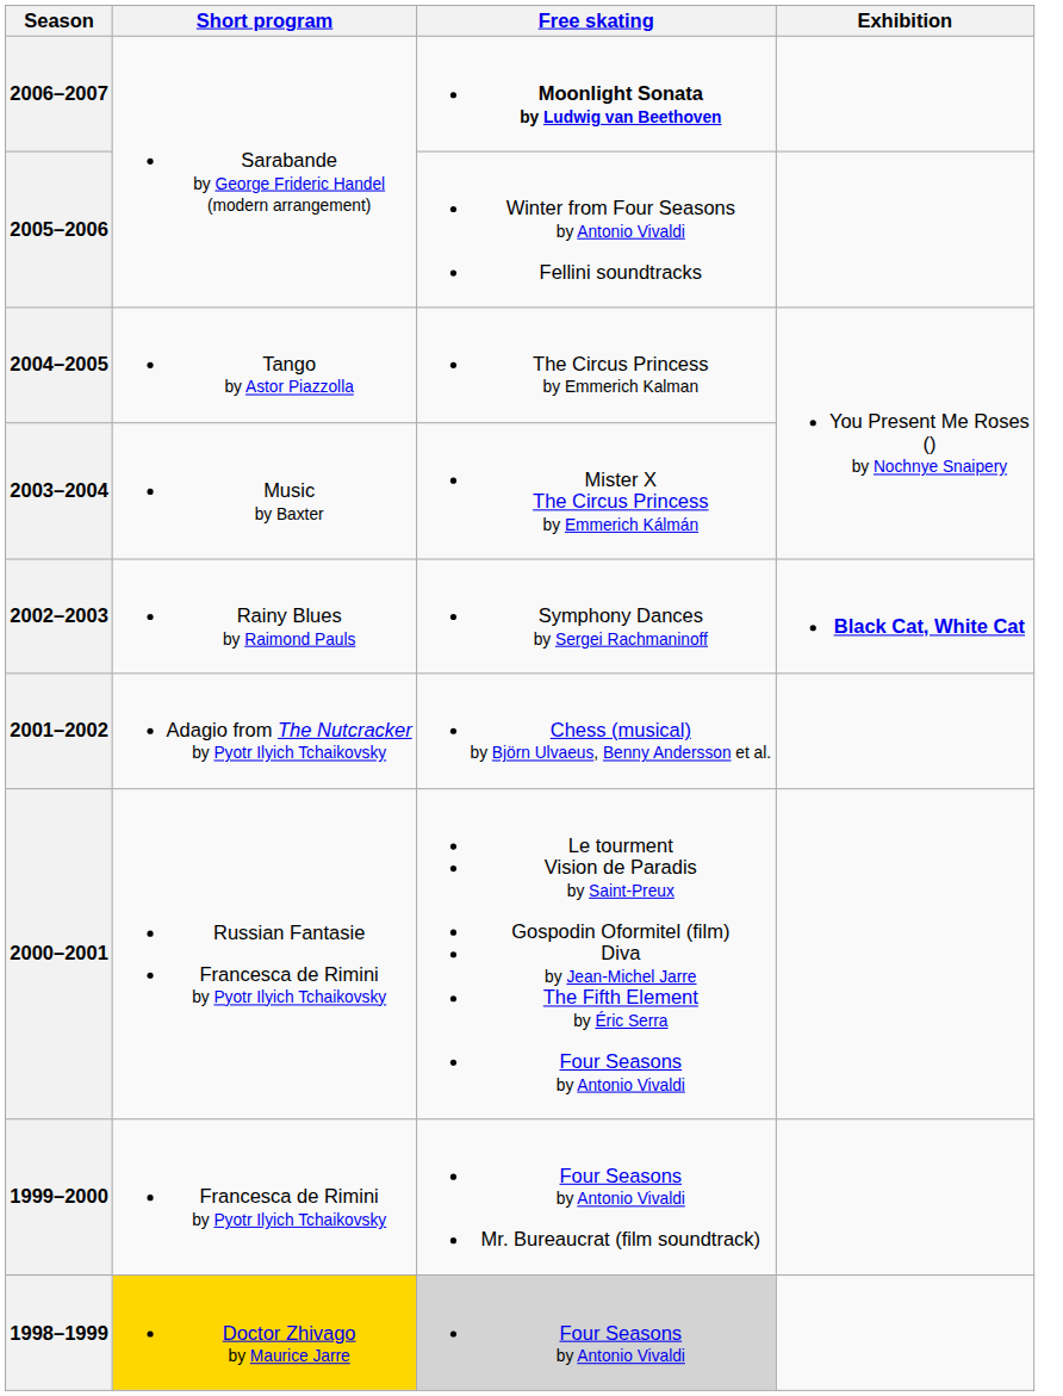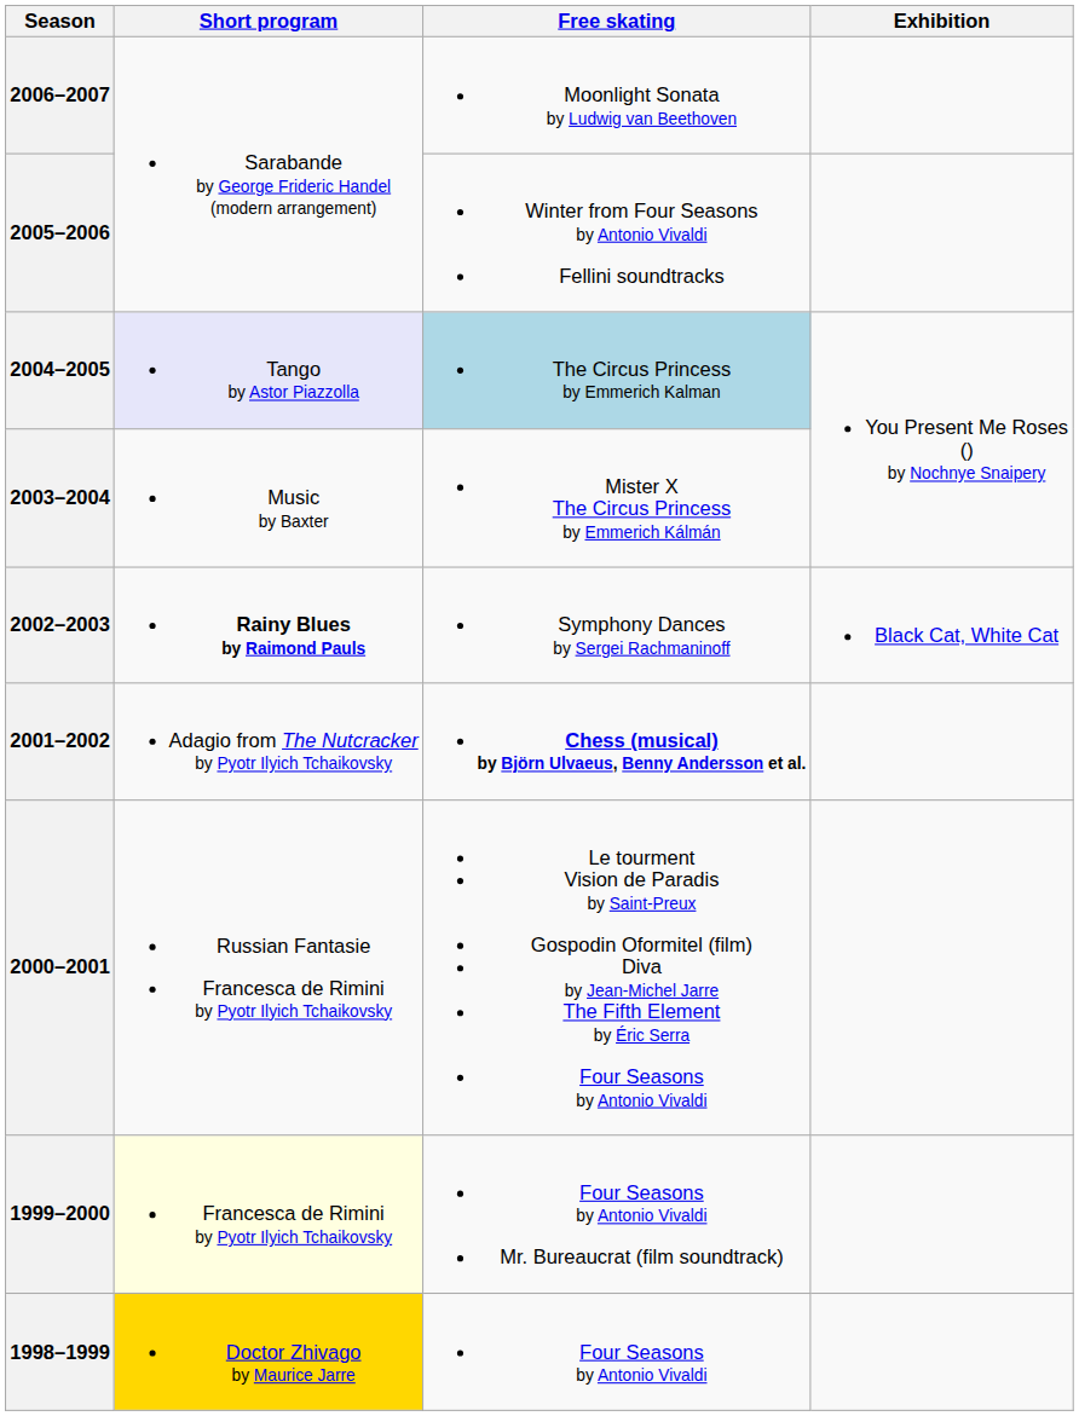 <table class="wikitable" style="text-align:center">
 <tr>
 <th>Season</th>
 <th><a href='#'>Short program</a></th>
 <th><a href='#'>Free skating</a></th>
 <th>Exhibition</th>
 </tr>
 <tr>
 <th>2006–2007 <br> </th>
 <td rowspan=2><br><ul><li>Sarabande <br><small> by <a href='#'>George Frideric Handel</a> <br> (modern arrangement) </small></li></ul></td>
-<td><strong><br><ul><li>Moonlight Sonata <br><small> by <a href='#'>Ludwig van Beethoven</a> </small></li></ul></strong></td>
+<td><br><ul><li>Moonlight Sonata <br><small> by <a href='#'>Ludwig van Beethoven</a> </small></li></ul></td>
 <td></td>
 </tr>
 <tr>
 <th>2005–2006 <br> </th>
 <td><br><ul><li>Winter from Four Seasons <br><small> by <a href='#'>Antonio Vivaldi</a> </small></li></ul><ul><li>Fellini soundtracks</li></ul></td>
 <td></td>
 </tr>
 <tr>
 <th>2004–2005 <br> </th>
-<td><br><ul><li>Tango <br><small> by <a href='#'>Astor Piazzolla</a> </small></li></ul></td>
-<td><br><ul><li>The Circus Princess <br><small> by Emmerich Kalman </small></li></ul></td>
+<td style="background: lavender;"><br><ul><li>Tango <br><small> by <a href='#'>Astor Piazzolla</a> </small></li></ul></td>
+<td style="background: lightblue;"><br><ul><li>The Circus Princess <br><small> by Emmerich Kalman </small></li></ul></td>
 <td rowspan=2><br><ul><li>You Present Me Roses <br>() <br><small> by <a href='#'>Nochnye Snaipery</a> </small></li></ul></td>
 </tr>
 <tr>
 <th>2003–2004 <br> </th>
 <td><br><ul><li>Music <br> <small> by Baxter </small></li></ul></td>
 <td><br><ul><li>Mister X <br><a href='#'>The Circus Princess</a> <br><small> by <a href='#'>Emmerich Kálmán</a> </small></li></ul></td>
 </tr>
 <tr>
 <th>2002–2003 <br> </th>
-<td><br><ul><li>Rainy Blues <br><small> by <a href='#'>Raimond Pauls</a> </small></li></ul></td>
+<td><strong><br><ul><li>Rainy Blues <br><small> by <a href='#'>Raimond Pauls</a> </small></li></ul></strong></td>
 <td><br><ul><li>Symphony Dances <br><small> by <a href='#'>Sergei Rachmaninoff</a></small></li></ul></td>
-<td><strong><br><ul><li><a href='#'>Black Cat, White Cat</a></li></ul></strong></td>
+<td><br><ul><li><a href='#'>Black Cat, White Cat</a></li></ul></td>
 </tr>
 <tr>
 <th>2001–2002 <br> </th>
 <td><br><ul><li>Adagio from <em><a href='#'>The Nutcracker</a></em> <br><small> by <a href='#'>Pyotr Ilyich Tchaikovsky</a> </small></li></ul></td>
-<td><br><ul><li><a href='#'>Chess (musical)</a> <br><small> by <a href='#'>Björn Ulvaeus</a>, <a href='#'>Benny Andersson</a> et al.</small></li></ul></td>
+<td><strong><br><ul><li><a href='#'>Chess (musical)</a> <br><small> by <a href='#'>Björn Ulvaeus</a>, <a href='#'>Benny Andersson</a> et al.</small></li></ul></strong></td>
 <td></td>
 </tr>
 <tr>
 <th>2000–2001 <br> </th>
 <td><br><ul><li>Russian Fantasie</li></ul><ul><li>Francesca de Rimini  <br><small> by <a href='#'>Pyotr Ilyich Tchaikovsky</a> </small></li></ul></td>
 <td><br><ul><li>Le tourment</li><li>Vision de Paradis <br><small> by <a href='#'>Saint-Preux</a> </small></li></ul><ul><li>Gospodin Oformitel (film)</li><li>Diva <br><small> by <a href='#'>Jean-Michel Jarre</a> </small></li><li><a href='#'>The Fifth Element</a> <br><small> by <a href='#'>Éric Serra</a></small></li></ul><ul><li><a href='#'>Four Seasons</a> <br><small> by <a href='#'>Antonio Vivaldi</a> </small></li></ul></td>
 <td></td>
 </tr>
 <tr>
 <th>1999–2000 <br> </th>
-<td><br><ul><li>Francesca de Rimini  <br><small> by <a href='#'>Pyotr Ilyich Tchaikovsky</a> </small></li></ul></td>
+<td style="background: lightyellow;"><br><ul><li>Francesca de Rimini  <br><small> by <a href='#'>Pyotr Ilyich Tchaikovsky</a> </small></li></ul></td>
 <td><br><ul><li><a href='#'>Four Seasons</a> <br><small> by <a href='#'>Antonio Vivaldi</a> </small></li></ul><ul><li>Mr. Bureaucrat (film soundtrack)</li></ul></td>
 <td></td>
 </tr>
 <tr>
 <th>1998–1999 <br> </th>
 <td style="background: gold;"><br><ul><li><a href='#'>Doctor Zhivago</a> <br><small> by <a href='#'>Maurice Jarre</a> </small></li></ul></td>
-<td style="background: lightgrey;"><br><ul><li><a href='#'>Four Seasons</a> <br><small> by <a href='#'>Antonio Vivaldi</a> </small></li></ul></td>
+<td><br><ul><li><a href='#'>Four Seasons</a> <br><small> by <a href='#'>Antonio Vivaldi</a> </small></li></ul></td>
 <td></td>
 </tr>
 </table>
